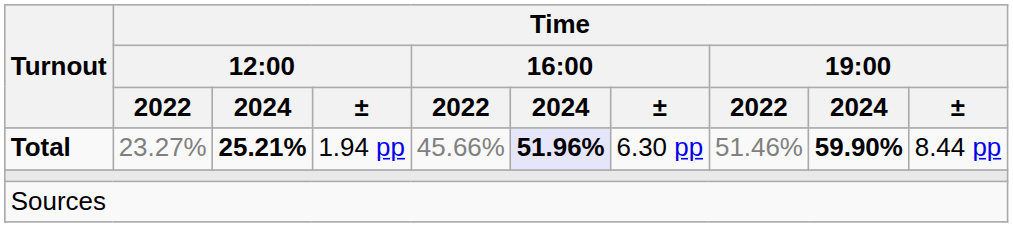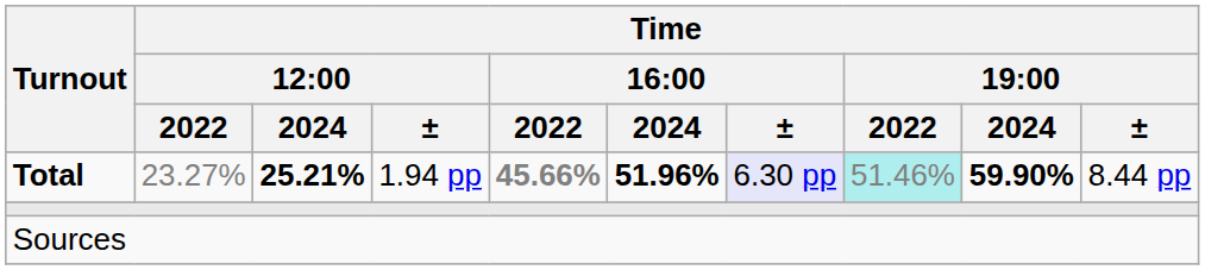 <table class="wikitable sortable" style="text-align:right;">
 <tr>
 <th rowspan="3">Turnout</th>
 <th colspan="9">Time</th>
 </tr>
 <tr>
 <th colspan="3">12:00</th>
 <th colspan="3">16:00</th>
 <th colspan="3">19:00</th>
 </tr>
 <tr>
 <th>2022</th>
 <th>2024</th>
 <th>±</th>
 <th>2022</th>
 <th>2024</th>
 <th>±</th>
 <th>2022</th>
 <th>2024</th>
 <th>±</th>
 </tr>
 <tr>
 <td align="left"><strong>Total</strong></td>
 <td style="color:gray;">23.27%</td>
 <td><strong>25.21%</strong></td>
 <td> 1.94 <a href='#'>pp</a></td>
-<td style="color:gray;">45.66%</td>
-<td style="background: lavender;"><strong>51.96%</strong></td>
-<td> 6.30 <a href='#'>pp</a></td>
-<td style="color:gray;">51.46%</td>
+<td style="color:gray;"><strong>45.66%</strong></td>
+<td><strong>51.96%</strong></td>
+<td style="background: lavender;"> 6.30 <a href='#'>pp</a></td>
+<td style="background: paleturquoise; color:gray;">51.46%</td>
 <td><strong>59.90%</strong></td>
 <td> 8.44 <a href='#'>pp</a></td>
 </tr>
 <tr>
 <td colspan="10" bgcolor="#E9E9E9"></td>
 </tr>
 <tr>
 <td align="left" colspan="10">Sources</td>
 </tr>
 </table>
